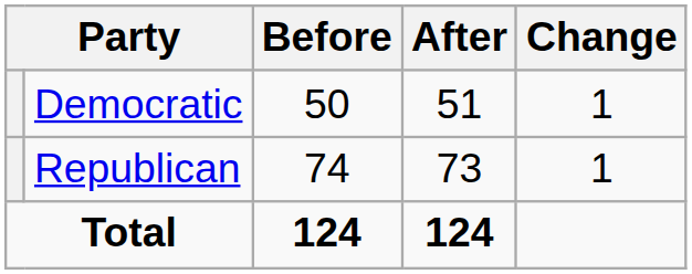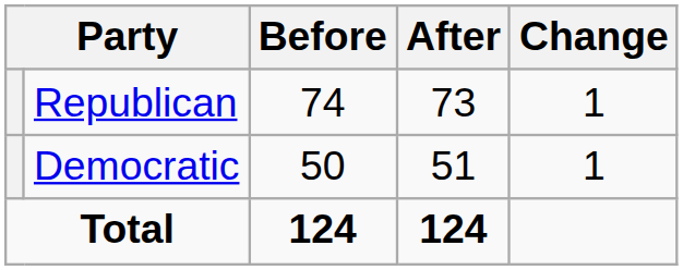 <table class="wikitable" style="text-align:center;">
 <tr>
 <th colspan="2">Party</th>
 <th>Before</th>
 <th>After</th>
 <th>Change</th>
 </tr>
 <tr>
 <th style="background-color:"></th>
-<td style="text-align:left;"><a href='#'>Democratic</a></td>
-<td>50</td>
-<td>51</td>
+<td style="text-align:left;"><a href='#'>Republican</a></td>
+<td>74</td>
+<td>73</td>
 <td> 1</td>
 </tr>
 <tr>
 <th style="background-color:"></th>
-<td style="text-align:left;"><a href='#'>Republican</a></td>
-<td>74</td>
-<td>73</td>
+<td style="text-align:left;"><a href='#'>Democratic</a></td>
+<td>50</td>
+<td>51</td>
 <td> 1</td>
 </tr>
 <tr>
 <td colspan="2"><strong>Total</strong></td>
 <td><strong>124</strong></td>
 <td><strong>124</strong></td>
 <td></td>
 </tr>
 </table>
